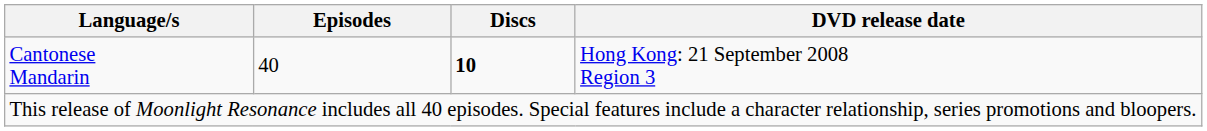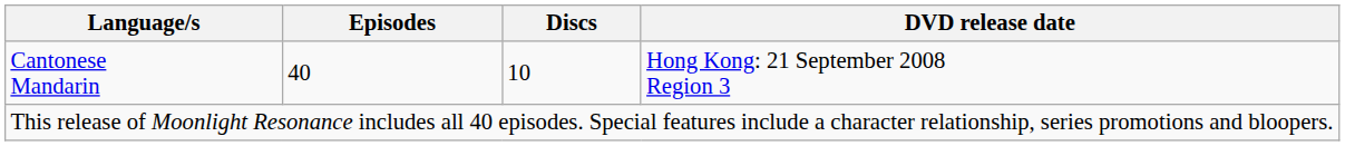 <table class="wikitable">
 <tr>
 <th>Language/s</th>
 <th>Episodes</th>
 <th>Discs</th>
 <th>DVD release date</th>
 </tr>
 <tr>
 <td><a href='#'>Cantonese</a><br><a href='#'>Mandarin</a></td>
 <td>40</td>
-<td><strong>10</strong></td>
+<td>10</td>
 <td><a href='#'>Hong Kong</a>: 21 September 2008<br><a href='#'>Region 3</a></td>
 </tr>
 <tr>
 <td colspan="4">This release of <em>Moonlight Resonance</em> includes all 40 episodes. Special features include a character relationship, series promotions and bloopers.</td>
 </tr>
 </table>
